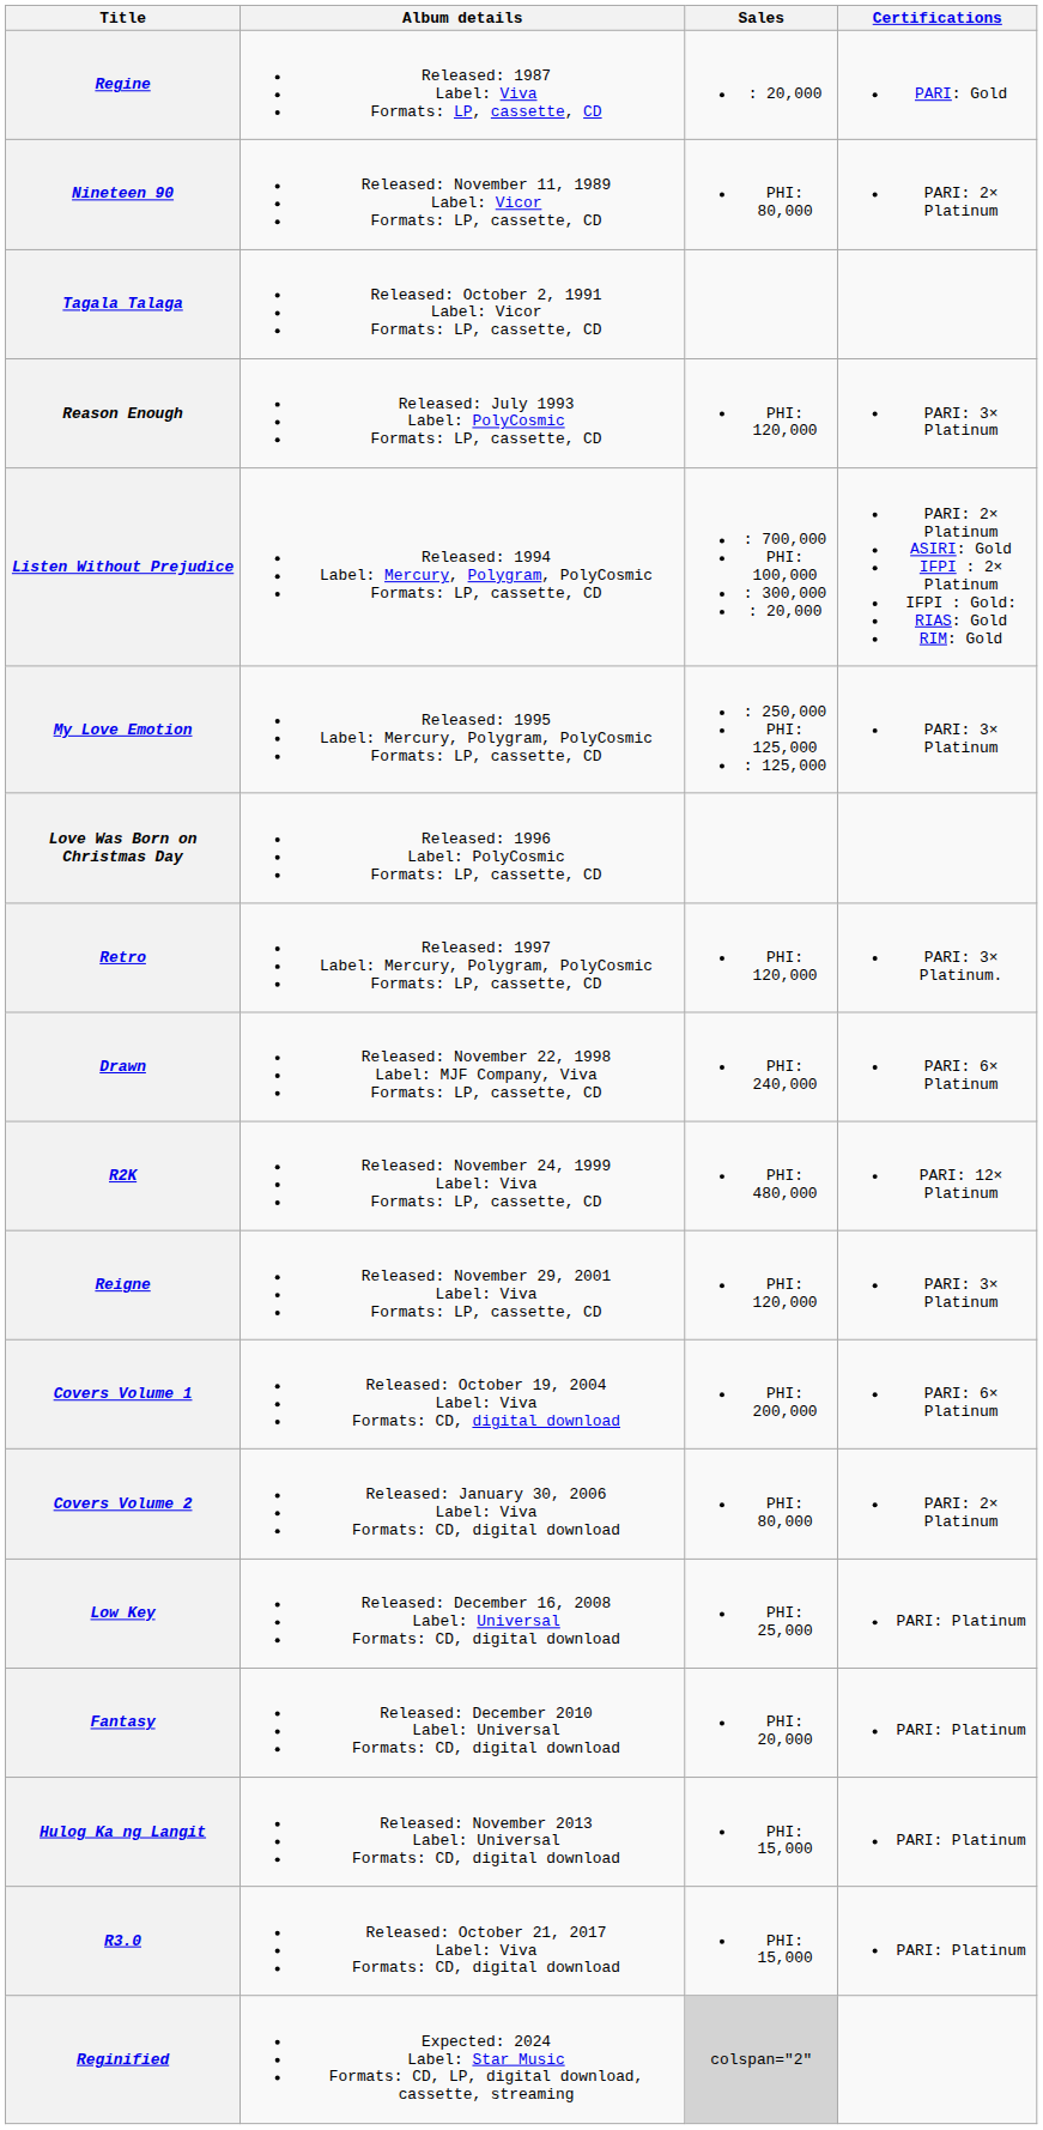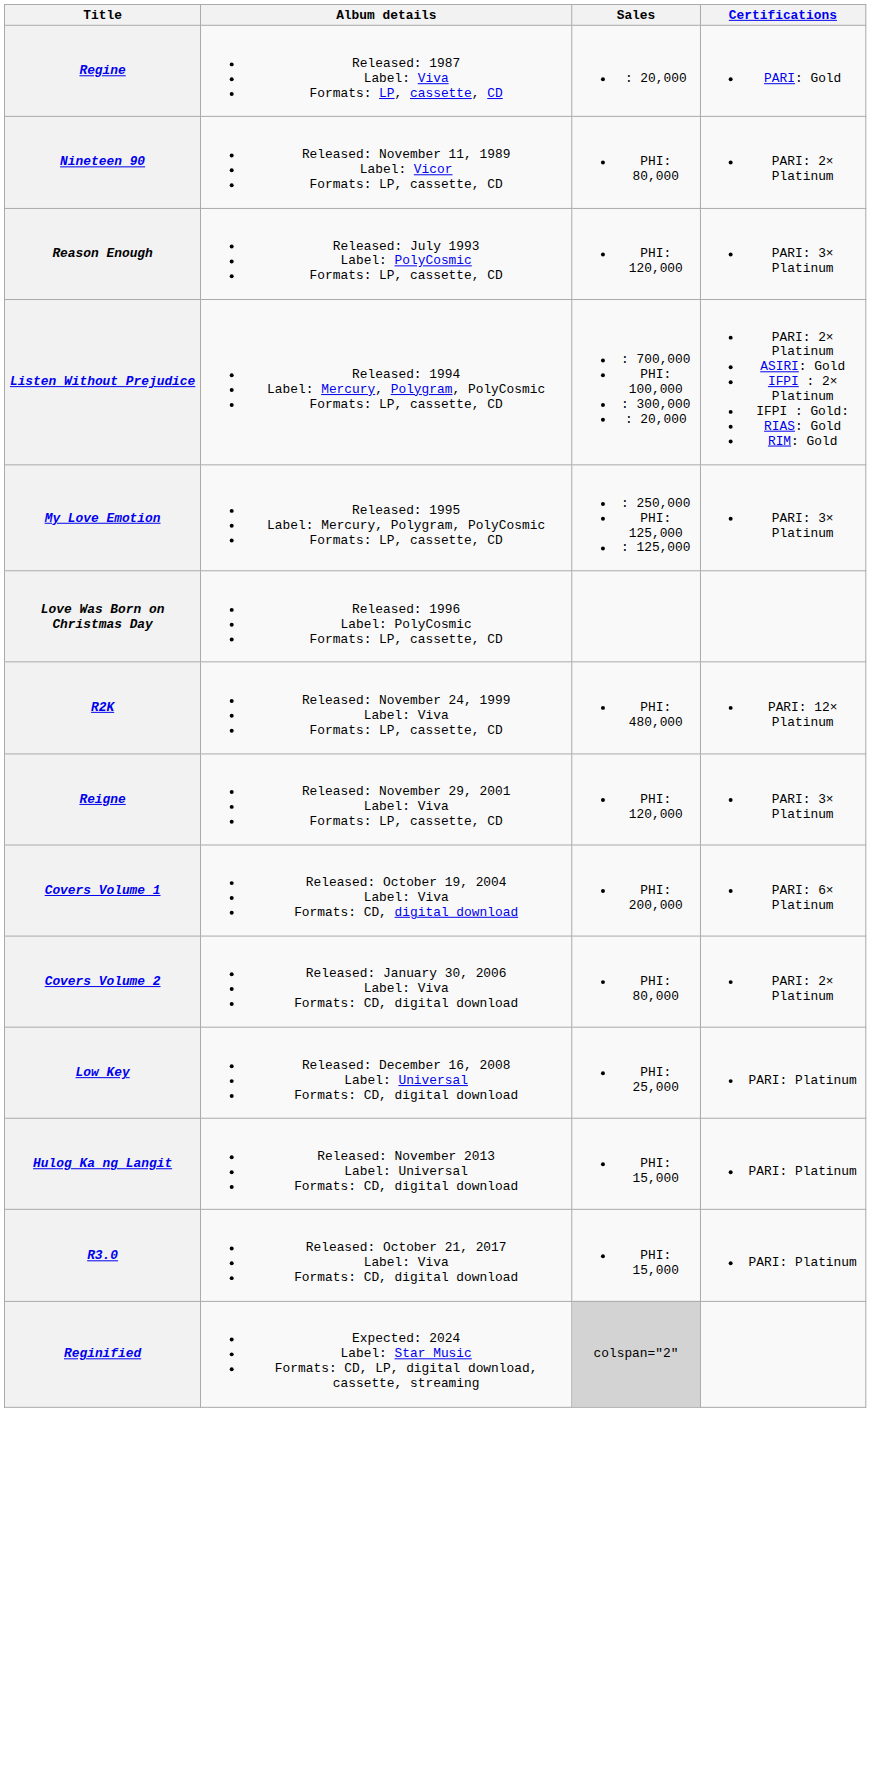 <table class="wikitable plainrowheaders" style="text-align:center;">
 <tr>
 <th scope="col">Title</th>
 <th scope="col">Album details</th>
 <th scope="col">Sales</th>
 <th scope="col"><a href='#'>Certifications</a></th>
 </tr>
 <tr>
 <th scope="row"><em><a href='#'>Regine</a></em></th>
 <td><br><ul><li>Released: 1987</li><li>Label: <a href='#'>Viva</a></li><li>Formats: <a href='#'>LP</a>, <a href='#'>cassette</a>, <a href='#'>CD</a></li></ul></td>
 <td><br><ul><li>: 20,000</li></ul></td>
 <td><br><ul><li><a href='#'>PARI</a>: Gold</li></ul></td>
 </tr>
 <tr>
 <th scope="row"><em><a href='#'>Nineteen 90</a></em></th>
 <td><br><ul><li>Released: November 11, 1989</li><li>Label: <a href='#'>Vicor</a></li><li>Formats: LP, cassette, CD</li></ul></td>
 <td><br><ul><li>PHI: 80,000</li></ul></td>
 <td><br><ul><li>PARI: 2× Platinum</li></ul></td>
-</tr>
-<tr>
-<th scope="row"><em><a href='#'>Tagala Talaga</a></em></th>
-<td><br><ul><li>Released: October 2, 1991</li><li>Label: Vicor</li><li>Formats: LP, cassette, CD</li></ul></td>
-<td></td>
-<td></td>
 </tr>
 <tr>
 <th scope="row"><em>Reason Enough</em></th>
 <td><br><ul><li>Released: July 1993</li><li>Label: <a href='#'>PolyCosmic</a></li><li>Formats: LP, cassette, CD</li></ul></td>
 <td><br><ul><li>PHI: 120,000</li></ul></td>
 <td><br><ul><li>PARI: 3× Platinum</li></ul></td>
 </tr>
 <tr>
 <th scope="row"><em><a href='#'>Listen Without Prejudice</a></em></th>
 <td><br><ul><li>Released: 1994</li><li>Label: <a href='#'>Mercury</a>, <a href='#'>Polygram</a>, PolyCosmic</li><li>Formats: LP, cassette, CD</li></ul></td>
 <td><br><ul><li>: 700,000</li><li>PHI: 100,000</li><li>: 300,000</li><li>: 20,000</li></ul></td>
 <td><br><ul><li>PARI: 2× Platinum</li><li><a href='#'>ASIRI</a>: Gold</li><li><a href='#'>IFPI</a> : 2× Platinum</li><li>IFPI : Gold:</li><li><a href='#'>RIAS</a>: Gold</li><li><a href='#'>RIM</a>: Gold</li></ul></td>
 </tr>
 <tr>
 <th scope="row"><em><a href='#'>My Love Emotion</a></em></th>
 <td><br><ul><li>Released: 1995</li><li>Label: Mercury, Polygram, PolyCosmic</li><li>Formats: LP, cassette, CD</li></ul></td>
 <td><br><ul><li>: 250,000</li><li>PHI: 125,000</li><li>: 125,000</li></ul></td>
 <td><br><ul><li>PARI: 3× Platinum</li></ul></td>
 </tr>
 <tr>
 <th scope="row"><em>Love Was Born on Christmas Day</em></th>
 <td><br><ul><li>Released: 1996</li><li>Label: PolyCosmic</li><li>Formats: LP, cassette, CD</li></ul></td>
 <td></td>
 <td></td>
-</tr>
-<tr>
-<th scope="row"><em><a href='#'>Retro</a></em></th>
-<td><br><ul><li>Released: 1997</li><li>Label: Mercury, Polygram, PolyCosmic</li><li>Formats: LP, cassette, CD</li></ul></td>
-<td><br><ul><li>PHI: 120,000</li></ul></td>
-<td><br><ul><li>PARI: 3× Platinum.</li></ul></td>
-</tr>
-<tr>
-<th scope="row"><em><a href='#'>Drawn</a></em></th>
-<td><br><ul><li>Released: November 22, 1998</li><li>Label: MJF Company, Viva</li><li>Formats: LP, cassette, CD</li></ul></td>
-<td><br><ul><li>PHI: 240,000</li></ul></td>
-<td><br><ul><li>PARI: 6× Platinum</li></ul></td>
 </tr>
 <tr>
 <th scope="row"><em><a href='#'>R2K</a></em></th>
 <td><br><ul><li>Released: November 24, 1999</li><li>Label: Viva</li><li>Formats: LP, cassette, CD</li></ul></td>
 <td><br><ul><li>PHI: 480,000</li></ul></td>
 <td><br><ul><li>PARI: 12× Platinum</li></ul></td>
 </tr>
 <tr>
 <th scope="row"><em><a href='#'>Reigne</a></em></th>
 <td><br><ul><li>Released: November 29, 2001</li><li>Label: Viva</li><li>Formats: LP, cassette, CD</li></ul></td>
 <td><br><ul><li>PHI: 120,000</li></ul></td>
 <td><br><ul><li>PARI: 3× Platinum</li></ul></td>
 </tr>
 <tr>
 <th scope="row"><em><a href='#'>Covers Volume 1</a></em></th>
 <td><br><ul><li>Released: October 19, 2004</li><li>Label: Viva</li><li>Formats: CD, <a href='#'>digital download</a></li></ul></td>
 <td><br><ul><li>PHI: 200,000</li></ul></td>
 <td><br><ul><li>PARI: 6× Platinum</li></ul></td>
 </tr>
 <tr>
 <th scope="row"><em><a href='#'>Covers Volume 2</a></em></th>
 <td><br><ul><li>Released: January 30, 2006</li><li>Label: Viva</li><li>Formats: CD, digital download</li></ul></td>
 <td><br><ul><li>PHI: 80,000</li></ul></td>
 <td><br><ul><li>PARI: 2× Platinum</li></ul></td>
 </tr>
 <tr>
 <th scope="row"><em><a href='#'>Low Key</a></em></th>
 <td><br><ul><li>Released: December 16, 2008</li><li>Label: <a href='#'>Universal</a></li><li>Formats: CD, digital download</li></ul></td>
 <td><br><ul><li>PHI: 25,000</li></ul></td>
 <td><br><ul><li>PARI: Platinum</li></ul></td>
 </tr>
 <tr>
-<th scope="row"><em><a href='#'>Fantasy</a></em></th>
-<td><br><ul><li>Released: December 2010</li><li>Label: Universal</li><li>Formats: CD, digital download</li></ul></td>
-<td><br><ul><li>PHI: 20,000</li></ul></td>
-<td><br><ul><li>PARI: Platinum</li></ul></td>
-</tr>
-<tr>
 <th scope="row"><em><a href='#'>Hulog Ka ng Langit</a></em></th>
 <td><br><ul><li>Released: November 2013</li><li>Label: Universal</li><li>Formats: CD, digital download</li></ul></td>
 <td><br><ul><li>PHI: 15,000</li></ul></td>
 <td><br><ul><li>PARI: Platinum</li></ul></td>
 </tr>
 <tr>
 <th scope="row"><em><a href='#'>R3.0</a></em></th>
 <td><br><ul><li>Released: October 21, 2017</li><li>Label: Viva</li><li>Formats: CD, digital download</li></ul></td>
 <td><br><ul><li>PHI: 15,000</li></ul></td>
 <td><br><ul><li>PARI: Platinum</li></ul></td>
 </tr>
 <tr>
 <th scope="row"><em><a href='#'>Reginified</a></em></th>
 <td><br><ul><li>Expected: 2024</li><li>Label: <a href='#'>Star Music</a></li><li>Formats: CD, LP, digital download, cassette, streaming</li></ul></td>
 <td style="background: lightgrey;">colspan="2" </td>
 </tr>
 </table>
